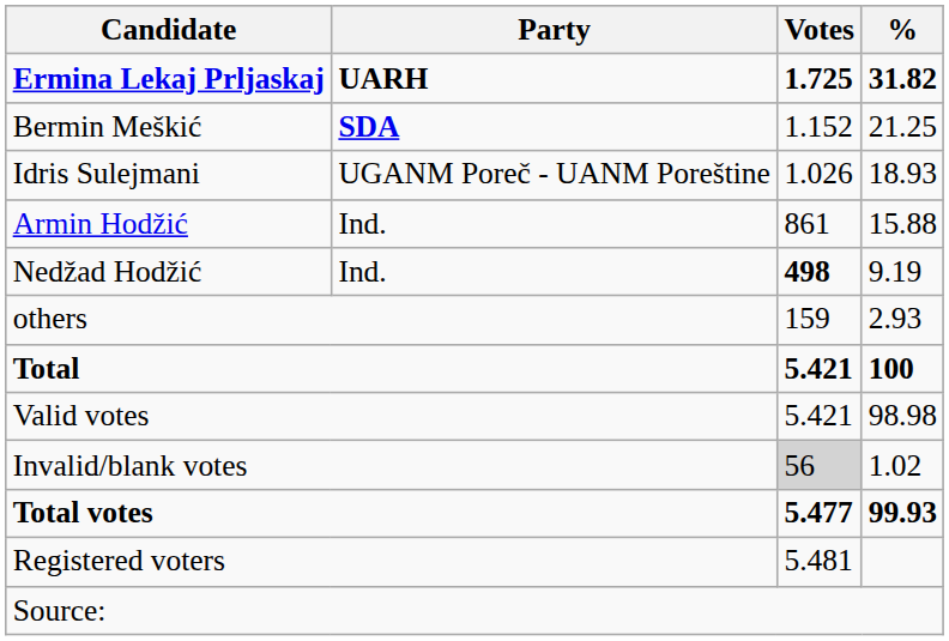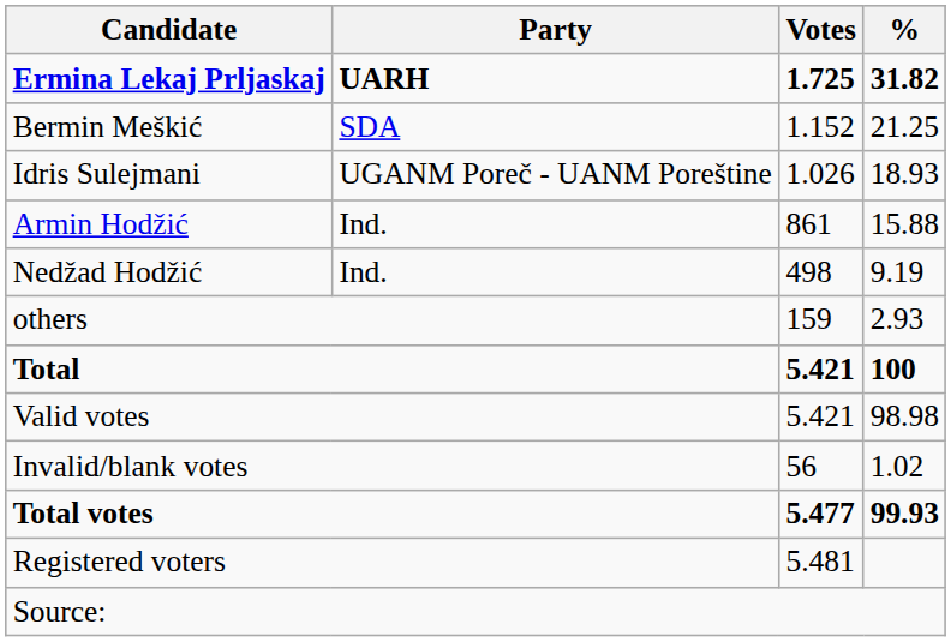 <table class="wikitable" style="text-align: left;">
 <tr>
 <th>Candidate</th>
 <th>Party</th>
 <th>Votes</th>
 <th>%</th>
 </tr>
 <tr>
 <td><strong><a href='#'>Ermina Lekaj Prljaskaj</a></strong></td>
 <td><strong>UARH</strong></td>
 <td><strong>1.725</strong></td>
 <td><strong>31.82</strong></td>
 </tr>
 <tr>
 <td>Bermin Meškić</td>
-<td><strong><a href='#'>SDA</a></strong></td>
+<td><a href='#'>SDA</a></td>
 <td>1.152</td>
 <td>21.25</td>
 </tr>
 <tr>
 <td>Idris Sulejmani</td>
 <td>UGANM Poreč - UANM Poreštine</td>
 <td>1.026</td>
 <td>18.93</td>
 </tr>
 <tr>
 <td><a href='#'>Armin Hodžić</a></td>
 <td>Ind.</td>
 <td>861</td>
 <td>15.88</td>
 </tr>
 <tr>
 <td>Nedžad Hodžić</td>
 <td>Ind.</td>
-<td><strong>498</strong></td>
+<td>498</td>
 <td>9.19</td>
 </tr>
 <tr>
 <td colspan="2">others</td>
 <td>159</td>
 <td>2.93</td>
 </tr>
 <tr>
 <td colspan="2"><strong>Total</strong></td>
 <td><strong>5.421</strong></td>
 <td><strong>100</strong></td>
 </tr>
 <tr>
 <td colspan="2">Valid votes</td>
 <td>5.421</td>
 <td>98.98</td>
 </tr>
 <tr>
 <td colspan="2">Invalid/blank votes</td>
-<td style="background: lightgrey;">56</td>
+<td>56</td>
 <td>1.02</td>
 </tr>
 <tr>
 <td colspan="2"><strong>Total votes</strong></td>
 <td><strong>5.477</strong></td>
 <td><strong>99.93</strong></td>
 </tr>
 <tr>
 <td colspan="2">Registered voters</td>
 <td>5.481</td>
 <td></td>
 </tr>
 <tr>
 <td colspan="4">Source: </td>
 </tr>
 </table>
